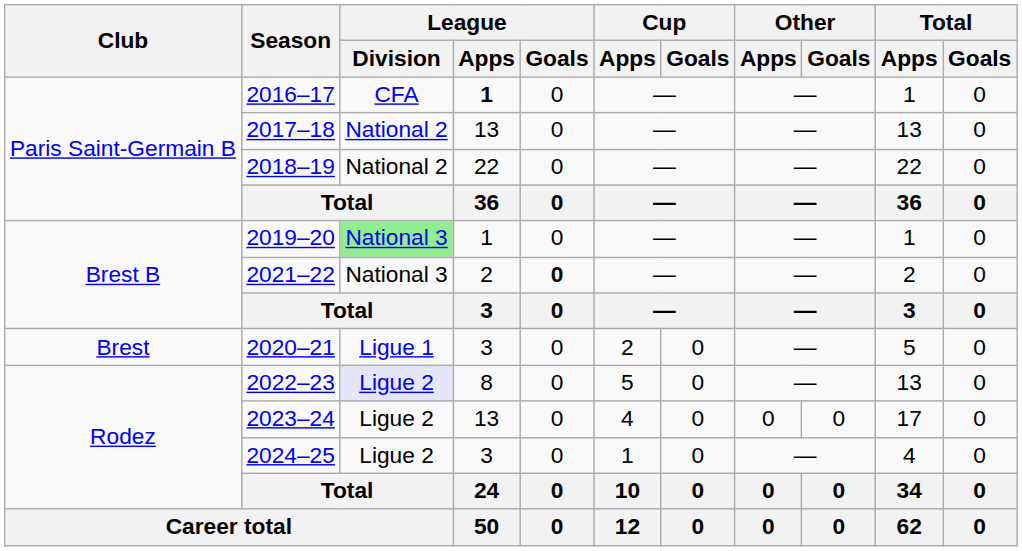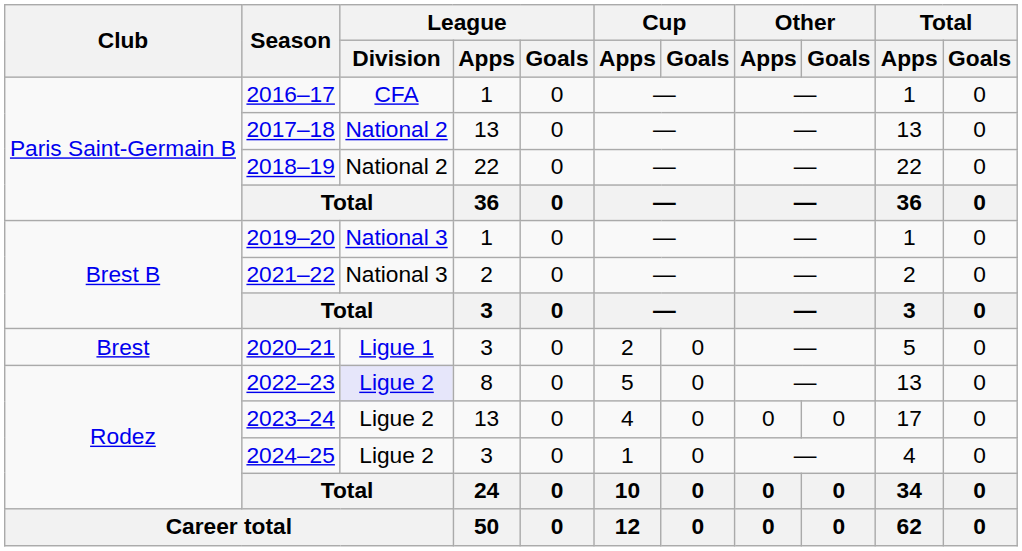 <table class="wikitable" style="text-align:center">
 <tr>
 <th rowspan="2">Club</th>
 <th rowspan="2">Season</th>
 <th colspan="3">League</th>
 <th colspan="2">Cup</th>
 <th colspan="2">Other</th>
 <th colspan="2">Total</th>
 </tr>
 <tr>
 <th>Division</th>
 <th>Apps</th>
 <th>Goals</th>
 <th>Apps</th>
 <th>Goals</th>
 <th>Apps</th>
 <th>Goals</th>
 <th>Apps</th>
 <th>Goals</th>
 </tr>
 <tr>
 <td rowspan="4"><a href='#'>Paris Saint-Germain B</a></td>
 <td><a href='#'>2016–17</a></td>
 <td><a href='#'>CFA</a></td>
-<td><strong>1</strong></td>
+<td>1</td>
 <td>0</td>
 <td colspan="2">—</td>
 <td colspan="2">—</td>
 <td>1</td>
 <td>0</td>
 </tr>
 <tr>
 <td><a href='#'>2017–18</a></td>
 <td><a href='#'>National 2</a></td>
 <td>13</td>
 <td>0</td>
 <td colspan="2">—</td>
 <td colspan="2">—</td>
 <td>13</td>
 <td>0</td>
 </tr>
 <tr>
 <td><a href='#'>2018–19</a></td>
 <td>National 2</td>
 <td>22</td>
 <td>0</td>
 <td colspan="2">—</td>
 <td colspan="2">—</td>
 <td>22</td>
 <td>0</td>
 </tr>
 <tr>
 <th colspan="2">Total</th>
 <th>36</th>
 <th>0</th>
 <th colspan="2">—</th>
 <th colspan="2">—</th>
 <th>36</th>
 <th>0</th>
 </tr>
 <tr>
 <td rowspan="3"><a href='#'>Brest B</a></td>
 <td><a href='#'>2019–20</a></td>
-<td style="background: lightgreen;"><a href='#'>National 3</a></td>
+<td><a href='#'>National 3</a></td>
 <td>1</td>
 <td>0</td>
 <td colspan="2">—</td>
 <td colspan="2">—</td>
 <td>1</td>
 <td>0</td>
 </tr>
 <tr>
 <td><a href='#'>2021–22</a></td>
 <td>National 3</td>
 <td>2</td>
-<td><strong>0</strong></td>
+<td>0</td>
 <td colspan="2">—</td>
 <td colspan="2">—</td>
 <td>2</td>
 <td>0</td>
 </tr>
 <tr>
 <th colspan="2">Total</th>
 <th>3</th>
 <th>0</th>
 <th colspan="2">—</th>
 <th colspan="2">—</th>
 <th>3</th>
 <th>0</th>
 </tr>
 <tr>
 <td><a href='#'>Brest</a></td>
 <td><a href='#'>2020–21</a></td>
 <td><a href='#'>Ligue 1</a></td>
 <td>3</td>
 <td>0</td>
 <td>2</td>
 <td>0</td>
 <td colspan="2">—</td>
 <td>5</td>
 <td>0</td>
 </tr>
 <tr>
 <td rowspan="4"><a href='#'>Rodez</a></td>
 <td><a href='#'>2022–23</a></td>
 <td style="background: lavender;"><a href='#'>Ligue 2</a></td>
 <td>8</td>
 <td>0</td>
 <td>5</td>
 <td>0</td>
 <td colspan="2">—</td>
 <td>13</td>
 <td>0</td>
 </tr>
 <tr>
 <td><a href='#'>2023–24</a></td>
 <td>Ligue 2</td>
 <td>13</td>
 <td>0</td>
 <td>4</td>
 <td>0</td>
 <td>0</td>
 <td>0</td>
 <td>17</td>
 <td>0</td>
 </tr>
 <tr>
 <td><a href='#'>2024–25</a></td>
 <td>Ligue 2</td>
 <td>3</td>
 <td>0</td>
 <td>1</td>
 <td>0</td>
 <td colspan="2">—</td>
 <td>4</td>
 <td>0</td>
 </tr>
 <tr>
 <th colspan="2">Total</th>
 <th>24</th>
 <th>0</th>
 <th>10</th>
 <th>0</th>
 <th>0</th>
 <th>0</th>
 <th>34</th>
 <th>0</th>
 </tr>
 <tr>
 <th colspan="3">Career total</th>
 <th>50</th>
 <th>0</th>
 <th>12</th>
 <th>0</th>
 <th>0</th>
 <th>0</th>
 <th>62</th>
 <th>0</th>
 </tr>
 </table>
